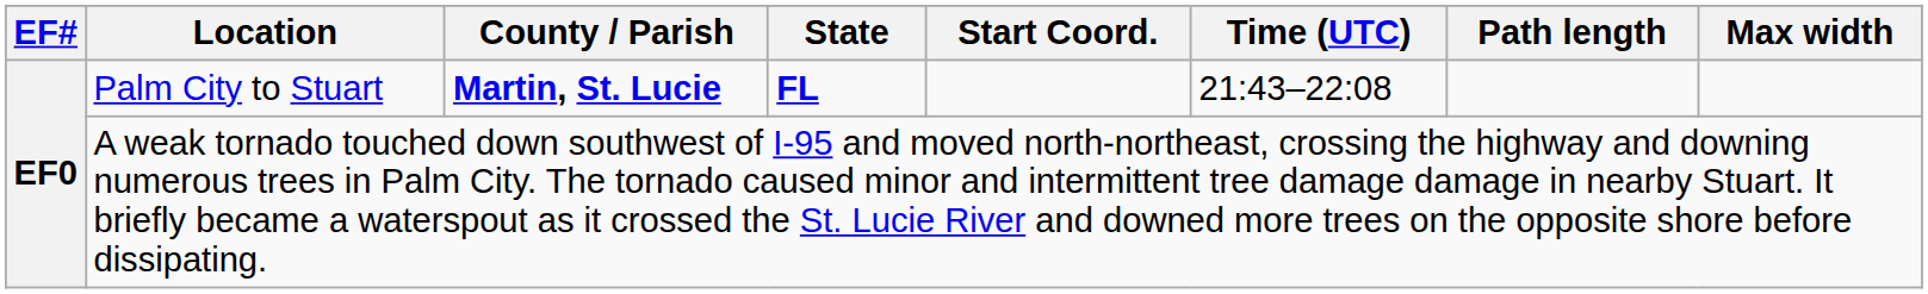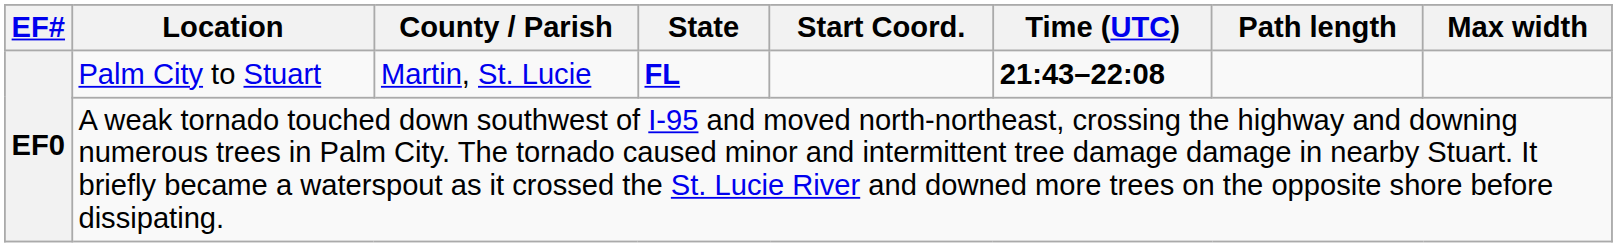 <table class="wikitable sortable" style="width:100%;">
 <tr>
 <th scope="col" width="2%" align="center"><a href='#'>EF#</a></th>
 <th scope="col" align="center" class="unsortable">Location</th>
 <th scope="col" align="center" class="unsortable">County / Parish</th>
 <th scope="col" align="center">State</th>
 <th scope="col" align="center">Start Coord.</th>
 <th scope="col" align="center">Time (<a href='#'>UTC</a>)</th>
 <th scope="col" align="center">Path length</th>
 <th scope="col" align="center">Max width</th>
 </tr>
 <tr>
 <th scope="row" rowspan="2" style="background-color:#">EF0</th>
 <td><a href='#'>Palm City</a> to <a href='#'>Stuart</a></td>
-<td><strong><a href='#'>Martin</a>, <a href='#'>St. Lucie</a></strong></td>
+<td><a href='#'>Martin</a>, <a href='#'>St. Lucie</a></td>
 <td><strong><a href='#'>FL</a></strong></td>
 <td></td>
-<td>21:43–22:08</td>
+<td><strong>21:43–22:08</strong></td>
 <td></td>
 <td></td>
 </tr>
 <tr class="expand-child">
 <td colspan="8">A weak tornado touched down southwest of <a href='#'>I-95</a> and moved north-northeast, crossing the highway and downing numerous trees in Palm City. The tornado caused minor and intermittent tree damage damage in nearby Stuart. It briefly became a waterspout as it crossed the <a href='#'>St. Lucie River</a> and downed more trees on the opposite shore before dissipating.</td>
 </tr>
 </table>
